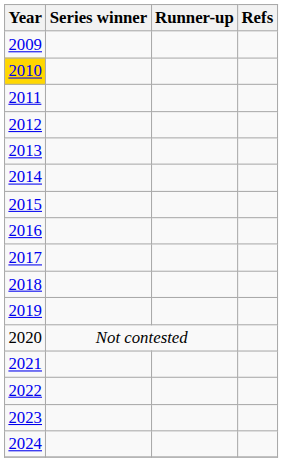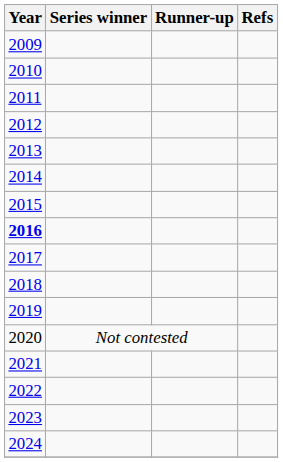 <table class="wikitable" style="text-align: left;">
 <tr>
 <th>Year</th>
 <th>Series winner</th>
 <th>Runner-up</th>
 <th>Refs</th>
 </tr>
 <tr>
 <td><a href='#'>2009</a></td>
 <td></td>
 <td></td>
 <td align=center></td>
 </tr>
 <tr>
-<td style="background: gold;"><a href='#'>2010</a></td>
+<td><a href='#'>2010</a></td>
 <td></td>
 <td></td>
 <td align=center></td>
 </tr>
 <tr>
 <td><a href='#'>2011</a></td>
 <td></td>
 <td></td>
 <td align=center></td>
 </tr>
 <tr>
 <td><a href='#'>2012</a></td>
 <td></td>
 <td></td>
 <td align=center></td>
 </tr>
 <tr>
 <td><a href='#'>2013</a></td>
 <td></td>
 <td></td>
 <td align=center></td>
 </tr>
 <tr>
 <td><a href='#'>2014</a></td>
 <td></td>
 <td></td>
 <td align=center></td>
 </tr>
 <tr>
 <td><a href='#'>2015</a></td>
 <td></td>
 <td></td>
 <td align=center></td>
 </tr>
 <tr>
-<td><a href='#'>2016</a></td>
+<td><strong><a href='#'>2016</a></strong></td>
 <td></td>
 <td></td>
 <td align=center></td>
 </tr>
 <tr>
 <td><a href='#'>2017</a></td>
 <td></td>
 <td></td>
 <td align=center></td>
 </tr>
 <tr>
 <td><a href='#'>2018</a></td>
 <td></td>
 <td></td>
 <td align=center></td>
 </tr>
 <tr>
 <td><a href='#'>2019</a></td>
 <td></td>
 <td></td>
 <td align=center></td>
 </tr>
 <tr>
 <td>2020</td>
 <td colspan=2 align=center><em>Not contested</em></td>
 <td></td>
 </tr>
 <tr>
 <td><a href='#'>2021</a></td>
 <td></td>
 <td></td>
 <td></td>
 </tr>
 <tr>
 <td><a href='#'>2022</a></td>
 <td></td>
 <td></td>
 <td></td>
 </tr>
 <tr>
 <td><a href='#'>2023</a></td>
 <td></td>
 <td></td>
 <td></td>
 </tr>
 <tr>
 <td><a href='#'>2024</a></td>
 <td></td>
 <td></td>
 <td></td>
 </tr>
 <tr>
 </tr>
 </table>
